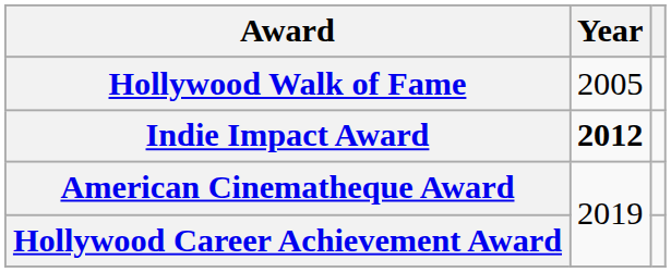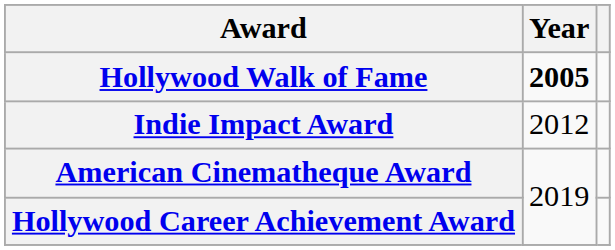 <table class="wikitable sortable plainrowheaders" style="text-align:center;">
 <tr>
 <th scope="col">Award</th>
 <th scope="col">Year</th>
 <th scope="col" class="unsortable"></th>
 </tr>
 <tr>
 <th scope="row"><a href='#'>Hollywood Walk of Fame</a></th>
-<td>2005</td>
+<td><strong>2005</strong></td>
 <td></td>
 </tr>
 <tr>
 <th scope="row"><a href='#'>Indie Impact Award</a></th>
-<td><strong>2012</strong></td>
+<td>2012</td>
 <td></td>
 </tr>
 <tr>
 <th scope="row"><a href='#'>American Cinematheque Award</a></th>
 <td rowspan="2">2019</td>
 <td></td>
 </tr>
 <tr>
 <th scope="row"><a href='#'>Hollywood Career Achievement Award</a></th>
 <td></td>
 </tr>
 </table>
